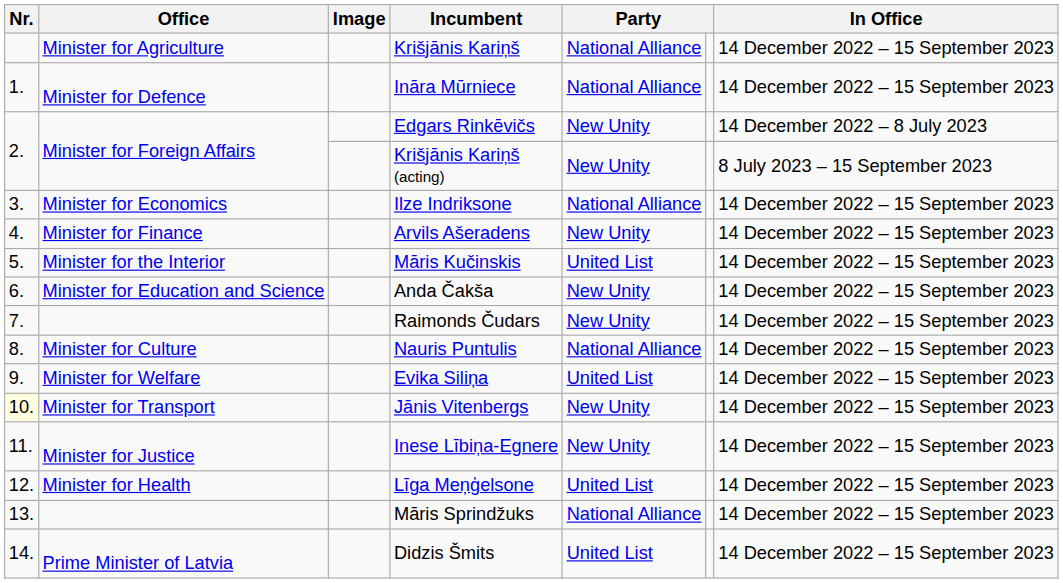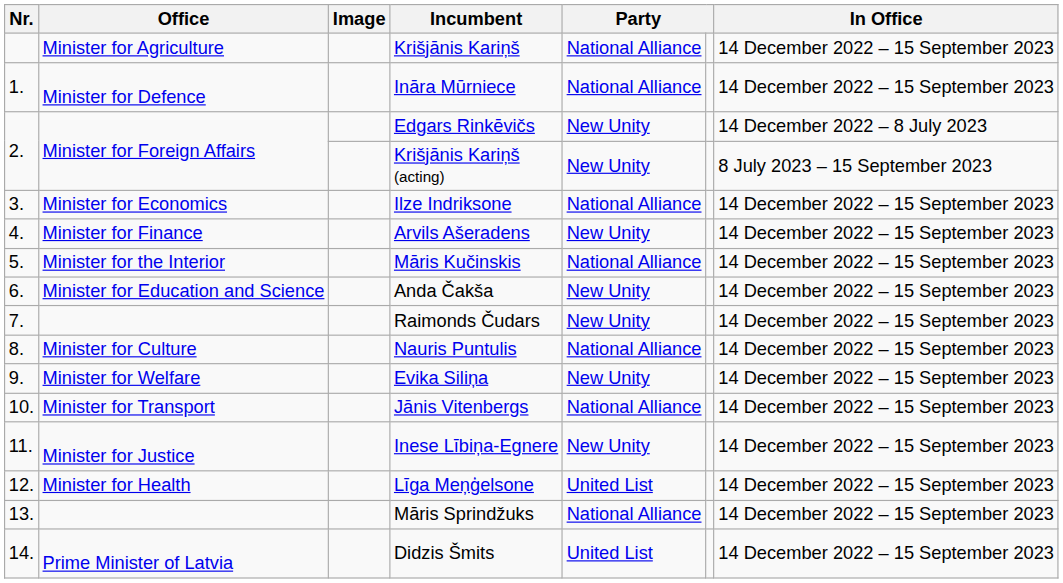 <table class="wikitable">
 <tr>
 <th>Nr.</th>
 <th>Office</th>
 <th>Image</th>
 <th>Incumbent</th>
 <th colspan="2">Party</th>
 <th>In Office</th>
 </tr>
 <tr>
 <td></td>
 <td><a href='#'>Minister for Agriculture</a></td>
 <td></td>
 <td><a href='#'>Krišjānis Kariņš</a></td>
 <td><a href='#'>National Alliance</a></td>
 <td style="background-color: "></td>
 <td>14 December 2022 – 15 September 2023</td>
 </tr>
 <tr>
 <td>1.</td>
 <td><br><a href='#'>Minister for Defence</a></td>
 <td></td>
 <td><a href='#'>Ināra Mūrniece</a></td>
 <td><a href='#'>National Alliance</a></td>
 <td style="background-color: "></td>
 <td>14 December 2022 – 15 September 2023</td>
 </tr>
 <tr>
 <td rowspan="2">2.</td>
 <td rowspan="2"><a href='#'>Minister for Foreign Affairs</a></td>
 <td></td>
 <td><a href='#'>Edgars Rinkēvičs</a></td>
 <td><a href='#'>New Unity</a></td>
 <td style="background-color: "></td>
 <td>14 December 2022 – 8 July 2023</td>
 </tr>
 <tr>
 <td></td>
 <td><a href='#'>Krišjānis Kariņš</a><br><small>(acting)</small></td>
 <td><a href='#'>New Unity</a></td>
 <td style="background-color: "></td>
 <td>8 July 2023 – 15 September 2023</td>
 </tr>
 <tr>
 <td>3.</td>
 <td><a href='#'>Minister for Economics</a></td>
 <td></td>
 <td><a href='#'>Ilze Indriksone</a></td>
 <td><a href='#'>National Alliance</a></td>
 <td style="background-color: "></td>
 <td>14 December 2022 – 15 September 2023</td>
 </tr>
 <tr>
 <td>4.</td>
 <td><a href='#'>Minister for Finance</a></td>
 <td></td>
 <td><a href='#'>Arvils Ašeradens</a></td>
 <td><a href='#'>New Unity</a></td>
 <td style="background-color: "></td>
 <td>14 December 2022 – 15 September 2023</td>
 </tr>
 <tr>
 <td>5.</td>
 <td><a href='#'>Minister for the Interior</a></td>
 <td></td>
 <td><a href='#'>Māris Kučinskis</a></td>
-<td><a href='#'>United List</a></td>
+<td><a href='#'>National Alliance</a></td>
 <td style="background-color: "></td>
 <td>14 December 2022 – 15 September 2023</td>
 </tr>
 <tr>
 <td>6.</td>
 <td><a href='#'>Minister for Education and Science</a></td>
 <td></td>
 <td>Anda Čakša</td>
 <td><a href='#'>New Unity</a></td>
 <td style="background-color: "></td>
 <td>14 December 2022 – 15 September 2023</td>
 </tr>
 <tr>
 <td>7.</td>
 <td></td>
 <td></td>
 <td>Raimonds Čudars</td>
 <td><a href='#'>New Unity</a></td>
 <td style="background-color: "></td>
 <td>14 December 2022 – 15 September 2023</td>
 </tr>
 <tr>
 <td>8.</td>
 <td><a href='#'>Minister for Culture</a></td>
 <td></td>
 <td><a href='#'>Nauris Puntulis</a></td>
 <td><a href='#'>National Alliance</a></td>
 <td style="background-color: "></td>
 <td>14 December 2022 – 15 September 2023</td>
 </tr>
 <tr>
 <td>9.</td>
 <td><a href='#'>Minister for Welfare</a></td>
 <td></td>
 <td><a href='#'>Evika Siliņa</a></td>
-<td><a href='#'>United List</a></td>
+<td><a href='#'>New Unity</a></td>
 <td style="background-color: "></td>
 <td>14 December 2022 – 15 September 2023</td>
 </tr>
 <tr>
-<td style="background: lightyellow;">10.</td>
+<td>10.</td>
 <td><a href='#'>Minister for Transport</a></td>
 <td></td>
 <td><a href='#'>Jānis Vitenbergs</a></td>
-<td><a href='#'>New Unity</a></td>
+<td><a href='#'>National Alliance</a></td>
 <td style="background-color: "></td>
 <td>14 December 2022 – 15 September 2023</td>
 </tr>
 <tr>
 <td>11.</td>
 <td><br><a href='#'>Minister for Justice</a></td>
 <td></td>
 <td><a href='#'>Inese Lībiņa-Egnere</a></td>
 <td><a href='#'>New Unity</a></td>
 <td style="background-color: "></td>
 <td>14 December 2022 – 15 September 2023</td>
 </tr>
 <tr>
 <td>12.</td>
 <td><a href='#'>Minister for Health</a></td>
 <td></td>
 <td><a href='#'>Līga Meņģelsone</a></td>
 <td><a href='#'>United List</a></td>
 <td style="background-color: "></td>
 <td>14 December 2022 – 15 September 2023</td>
 </tr>
 <tr>
 <td>13.</td>
 <td></td>
 <td></td>
 <td>Māris Sprindžuks</td>
 <td><a href='#'>National Alliance</a></td>
 <td style="background-color: "></td>
 <td>14 December 2022 – 15 September 2023</td>
 </tr>
 <tr>
 <td>14.</td>
 <td><br><a href='#'>Prime Minister of Latvia</a></td>
 <td></td>
 <td>Didzis Šmits</td>
 <td><a href='#'>United List</a></td>
 <td style="background-color: "></td>
 <td>14 December 2022 – 15 September 2023</td>
 </tr>
 </table>
